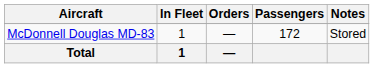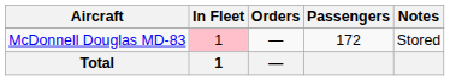 <table class="wikitable" style="margin:0.5em auto">
 <tr>
 <th>Aircraft</th>
 <th>In Fleet</th>
 <th>Orders</th>
 <th>Passengers</th>
 <th>Notes</th>
 </tr>
 <tr>
 </tr>
 <tr>
 <td><a href='#'>McDonnell Douglas MD-83</a></td>
-<td align=center>1</td>
+<td align=center style="background: pink;">1</td>
 <td align=center>—</td>
 <td align=center>172</td>
 <td>Stored</td>
 </tr>
 <tr>
 <th>Total</th>
 <th>1</th>
 <th>—</th>
 <th></th>
 <th></th>
 </tr>
 </table>
